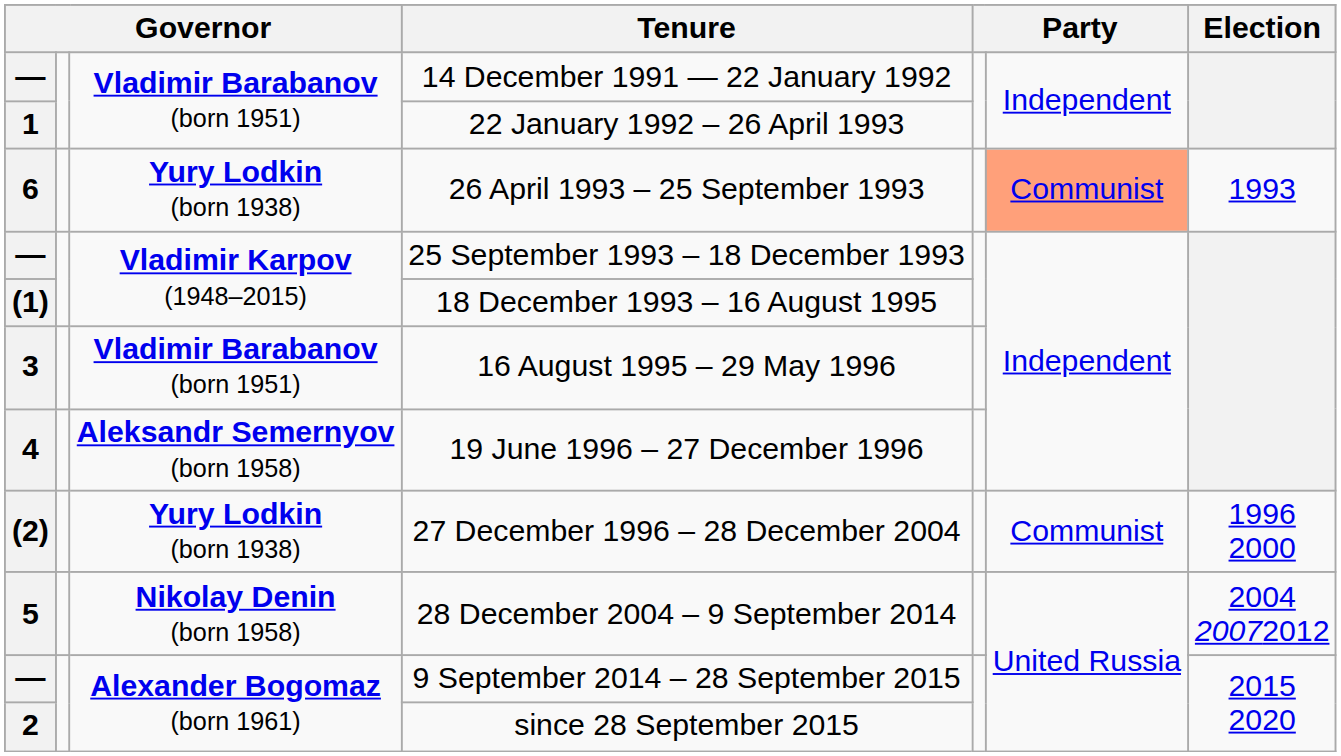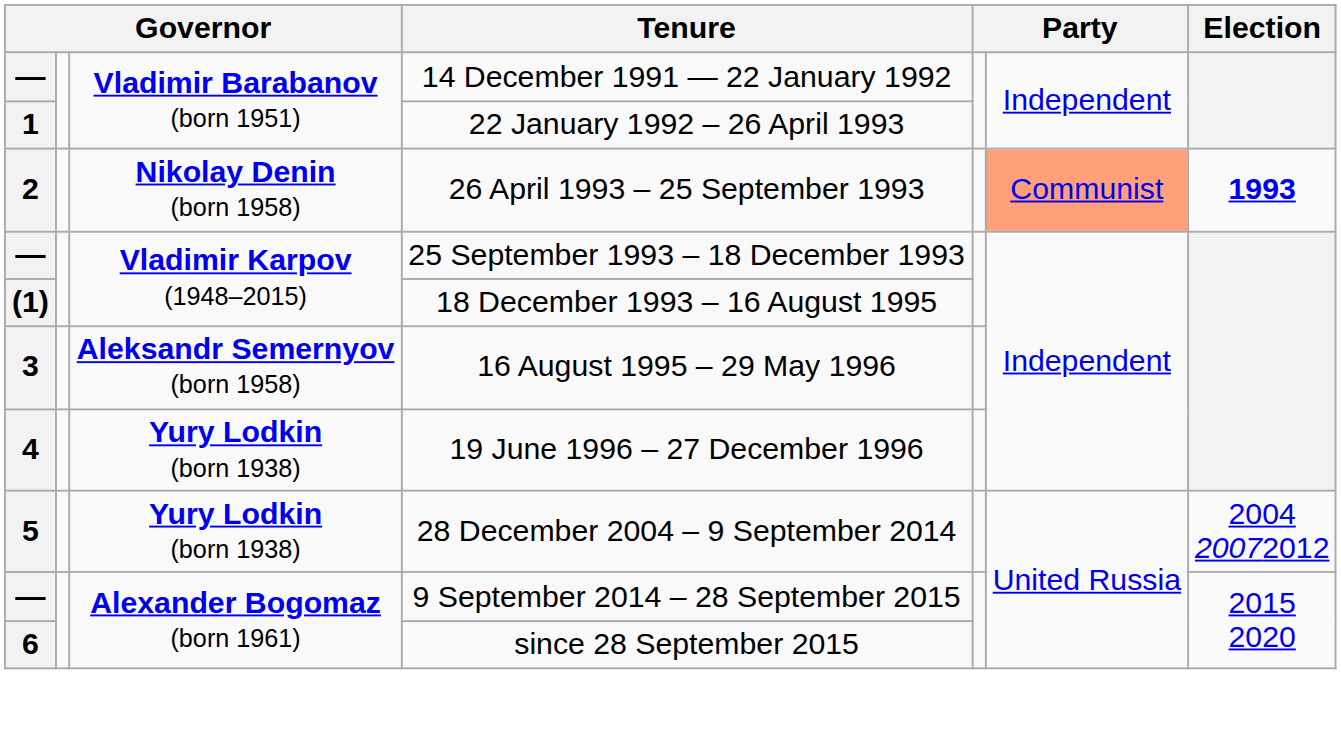 <table class="wikitable" style="text-align:center">
 <tr style="background:#cccccc" bgcolor=#E6E6AA>
 <th colspan="3">Governor</th>
 <th>Tenure</th>
 <th colspan="2">Party</th>
 <th>Election</th>
 </tr>
 <tr>
 <th>—</th>
 <td rowspan=2></td>
 <td rowspan=2><strong><a href='#'>Vladimir Barabanov</a></strong><br><small>(born 1951)</small></td>
 <td>14 December 1991 — 22 January 1992</td>
 <td rowspan=2; style="background: "></td>
 <td rowspan=2><a href='#'>Independent</a></td>
 <th rowspan=2></th>
 </tr>
 <tr>
 <th>1</th>
 <td>22 January 1992 – 26 April 1993</td>
 </tr>
 <tr>
-<th>6</th>
+<th>2</th>
 <td></td>
-<td><strong><a href='#'>Yury Lodkin</a></strong><br><small>(born 1938)</small></td>
+<td><strong><a href='#'>Nikolay Denin</a></strong><br><small>(born 1958)</small></td>
 <td>26 April 1993 – 25 September 1993</td>
 <td style="background: "></td>
 <td style="background: lightsalmon;"><a href='#'>Communist</a></td>
-<td><a href='#'>1993</a></td>
+<td><strong><a href='#'>1993</a></strong></td>
 </tr>
 <tr>
 <th>—</th>
 <td rowspan=2></td>
 <td rowspan=2><strong><a href='#'>Vladimir Karpov</a></strong><br><small>(1948–2015)</small></td>
 <td>25 September 1993 – 18 December 1993</td>
 <td rowspan=2; style="background: "></td>
 <td rowspan=4><a href='#'>Independent</a></td>
 <th rowspan=4></th>
 </tr>
 <tr>
 <th>(1)</th>
 <td>18 December 1993 – 16 August 1995</td>
 </tr>
 <tr>
 <th>3</th>
 <td></td>
-<td><strong><a href='#'>Vladimir Barabanov</a></strong><br><small>(born 1951)</small></td>
+<td><strong><a href='#'>Aleksandr Semernyov</a></strong><br><small>(born 1958)</small></td>
 <td>16 August 1995 – 29 May 1996</td>
 <td style="background: "></td>
 </tr>
 <tr>
 <th>4</th>
 <td></td>
-<td><strong><a href='#'>Aleksandr Semernyov</a></strong><br><small>(born 1958)</small></td>
+<td><strong><a href='#'>Yury Lodkin</a></strong><br><small>(born 1938)</small></td>
 <td>19 June 1996 – 27 December 1996</td>
 <td style="background: "></td>
 </tr>
 <tr>
-<th>(2)</th>
+<th>5</th>
 <td></td>
 <td><strong><a href='#'>Yury Lodkin</a></strong><br><small>(born 1938)</small></td>
-<td>27 December 1996 – 28 December 2004</td>
-<td style="background: "></td>
-<td><a href='#'>Communist</a></td>
-<td><a href='#'>1996</a><br><a href='#'>2000</a></td>
-</tr>
-<tr>
-<th>5</th>
-<td></td>
-<td><strong><a href='#'>Nikolay Denin</a></strong><br><small>(born 1958)</small></td>
 <td>28 December 2004 – 9 September 2014</td>
 <td style="background: "></td>
 <td rowspan=3><a href='#'>United Russia</a></td>
 <td><a href='#'>2004</a><br><em><a href='#'>2007</a></em><a href='#'>2012</a></td>
 </tr>
 <tr>
 <th>—</th>
 <td rowspan=2></td>
 <td rowspan=2><strong><a href='#'>Alexander Bogomaz</a></strong><br><small>(born 1961)</small></td>
 <td>9 September 2014 – 28 September 2015</td>
 <td rowspan=2; style="background: "></td>
 <td rowspan=2><a href='#'>2015</a><br><a href='#'>2020</a></td>
 </tr>
 <tr>
-<th>2</th>
+<th>6</th>
 <td>since 28 September 2015</td>
 </tr>
 </table>
